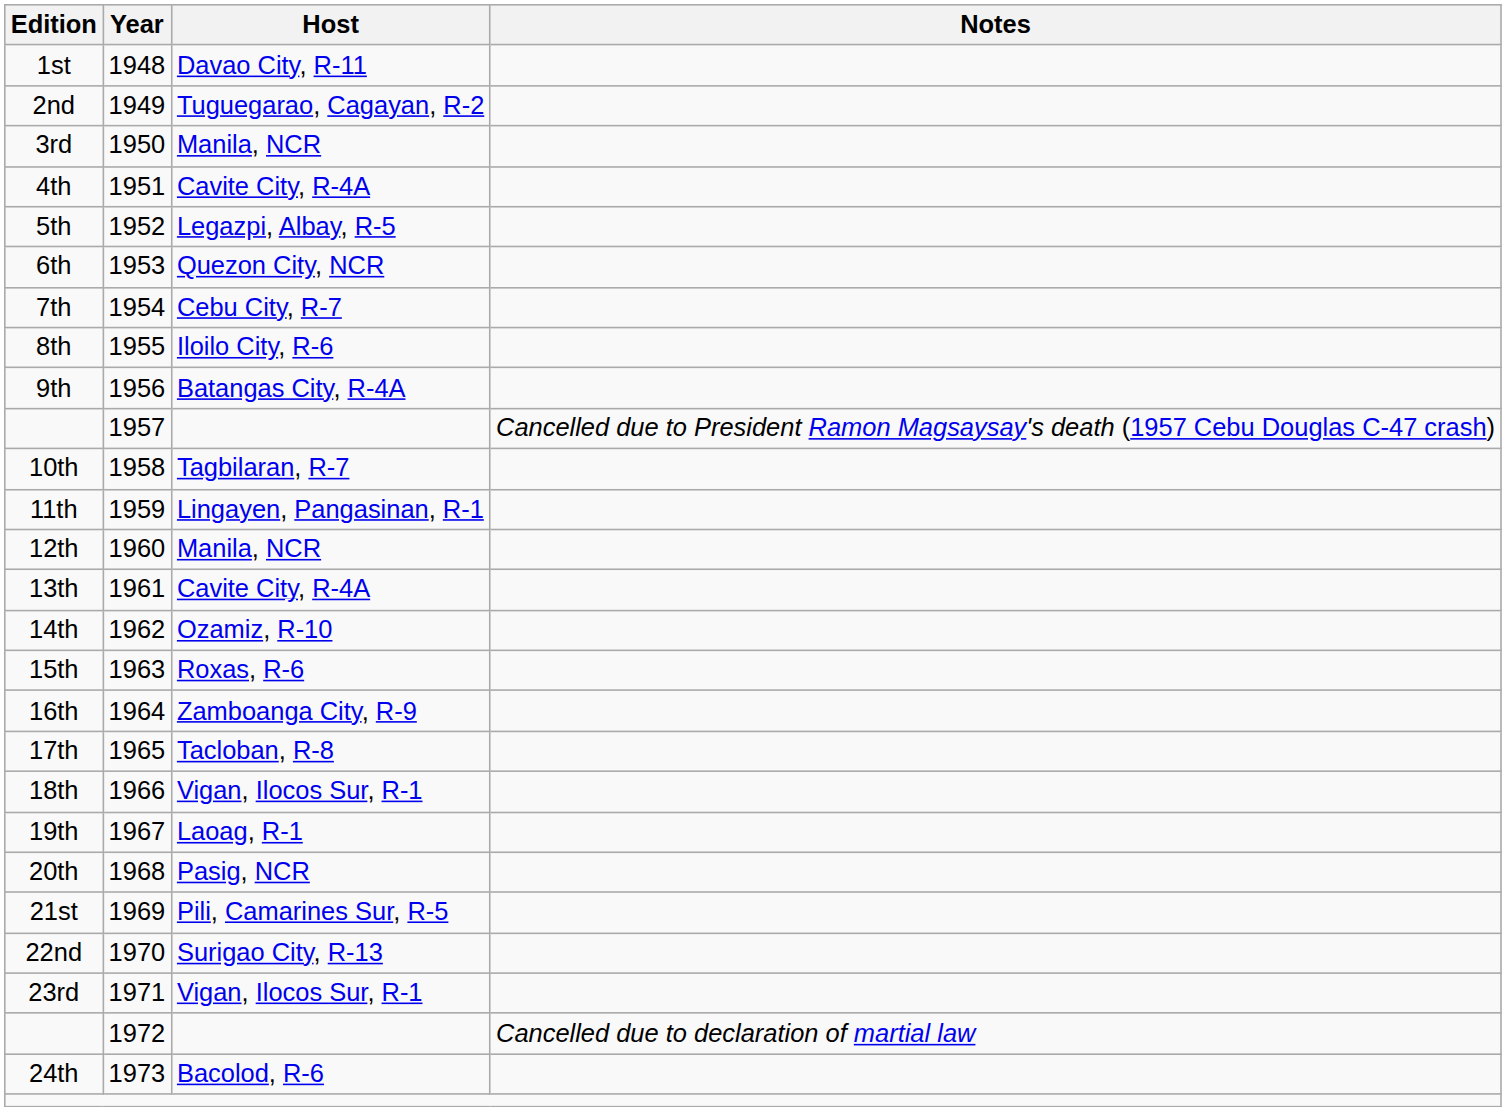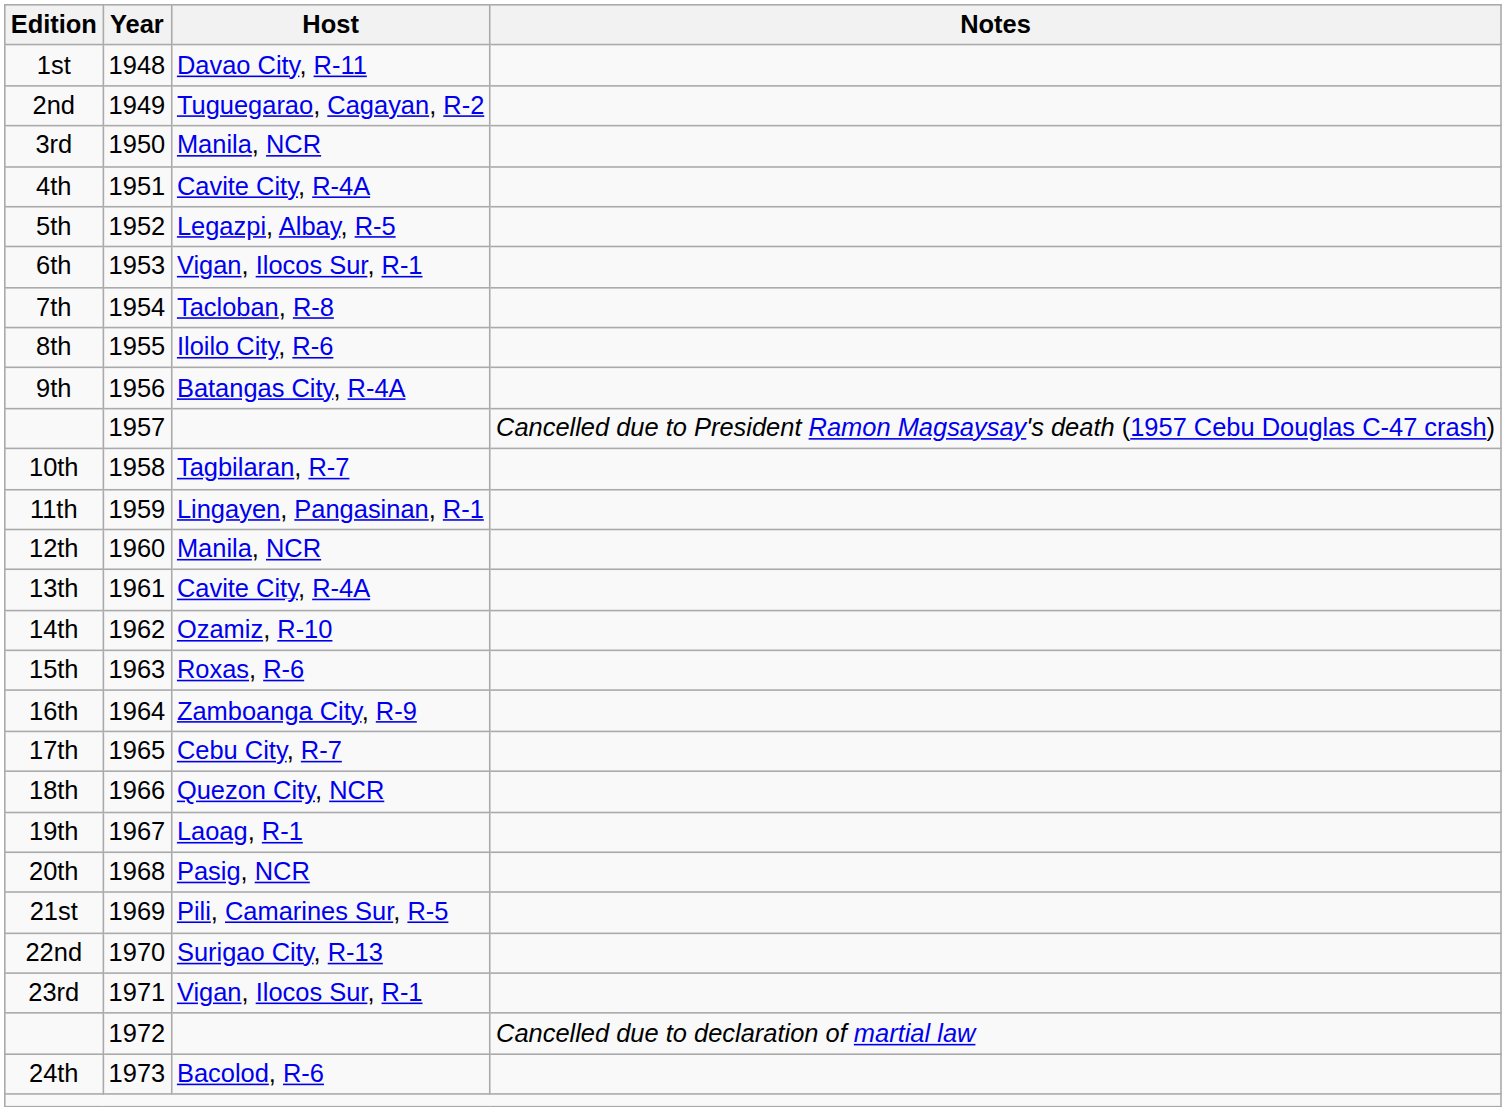 <table class="wikitable" style="text-align:center;">
 <tr>
 <th>Edition</th>
 <th>Year</th>
 <th>Host</th>
 <th>Notes</th>
 </tr>
 <tr>
 <td>1st</td>
 <td>1948</td>
 <td align=left><a href='#'>Davao City</a>, <a href='#'>R-11</a></td>
 <td></td>
 </tr>
 <tr>
 <td>2nd</td>
 <td>1949</td>
 <td align=left><a href='#'>Tuguegarao</a>, <a href='#'>Cagayan</a>, <a href='#'>R-2</a></td>
 <td></td>
 </tr>
 <tr>
 <td>3rd</td>
 <td>1950</td>
 <td align=left><a href='#'>Manila</a>, <a href='#'>NCR</a></td>
 <td></td>
 </tr>
 <tr>
 <td>4th</td>
 <td>1951</td>
 <td align=left><a href='#'>Cavite City</a>, <a href='#'>R-4A</a></td>
 <td></td>
 </tr>
 <tr>
 <td>5th</td>
 <td>1952</td>
 <td align=left><a href='#'>Legazpi</a>, <a href='#'>Albay</a>, <a href='#'>R-5</a></td>
 <td></td>
 </tr>
 <tr>
 <td>6th</td>
 <td>1953</td>
-<td align=left><a href='#'>Quezon City</a>, <a href='#'>NCR</a></td>
+<td align=left><a href='#'>Vigan</a>, <a href='#'>Ilocos Sur</a>, <a href='#'>R-1</a></td>
 <td></td>
 </tr>
 <tr>
 <td>7th</td>
 <td>1954</td>
-<td align=left><a href='#'>Cebu City</a>, <a href='#'>R-7</a></td>
+<td align=left><a href='#'>Tacloban</a>, <a href='#'>R-8</a></td>
 <td></td>
 </tr>
 <tr>
 <td>8th</td>
 <td>1955</td>
 <td align=left><a href='#'>Iloilo City</a>, <a href='#'>R-6</a></td>
 <td></td>
 </tr>
 <tr>
 <td>9th</td>
 <td>1956</td>
 <td align=left><a href='#'>Batangas City</a>, <a href='#'>R-4A</a></td>
 <td></td>
 </tr>
 <tr>
 <td></td>
 <td>1957</td>
 <td></td>
 <td align=left><em>Cancelled due to President <a href='#'>Ramon Magsaysay</a>'s death</em> (<a href='#'>1957 Cebu Douglas C-47 crash</a>)</td>
 </tr>
 <tr>
 <td>10th</td>
 <td>1958</td>
 <td align=left><a href='#'>Tagbilaran</a>, <a href='#'>R-7</a></td>
 <td></td>
 </tr>
 <tr>
 <td>11th</td>
 <td>1959</td>
 <td align=left><a href='#'>Lingayen</a>, <a href='#'>Pangasinan</a>, <a href='#'>R-1</a></td>
 <td></td>
 </tr>
 <tr>
 <td>12th</td>
 <td>1960</td>
 <td align=left><a href='#'>Manila</a>, <a href='#'>NCR</a></td>
 <td></td>
 </tr>
 <tr>
 <td>13th</td>
 <td>1961</td>
 <td align=left><a href='#'>Cavite City</a>,  <a href='#'>R-4A</a></td>
 <td></td>
 </tr>
 <tr>
 <td>14th</td>
 <td>1962</td>
 <td align=left><a href='#'>Ozamiz</a>, <a href='#'>R-10</a></td>
 <td></td>
 </tr>
 <tr>
 <td>15th</td>
 <td>1963</td>
 <td align=left><a href='#'>Roxas</a>, <a href='#'>R-6</a></td>
 <td></td>
 </tr>
 <tr>
 <td>16th</td>
 <td>1964</td>
 <td align=left><a href='#'>Zamboanga City</a>, <a href='#'>R-9</a></td>
 <td></td>
 </tr>
 <tr>
 <td>17th</td>
 <td>1965</td>
-<td align=left><a href='#'>Tacloban</a>, <a href='#'>R-8</a></td>
+<td align=left><a href='#'>Cebu City</a>, <a href='#'>R-7</a></td>
 <td></td>
 </tr>
 <tr>
 <td>18th</td>
 <td>1966</td>
-<td align=left><a href='#'>Vigan</a>, <a href='#'>Ilocos Sur</a>, <a href='#'>R-1</a></td>
+<td align=left><a href='#'>Quezon City</a>, <a href='#'>NCR</a></td>
 <td></td>
 </tr>
 <tr>
 <td>19th</td>
 <td>1967</td>
 <td align=left><a href='#'>Laoag</a>, <a href='#'>R-1</a></td>
 <td></td>
 </tr>
 <tr>
 <td>20th</td>
 <td>1968</td>
 <td align=left><a href='#'>Pasig</a>, <a href='#'>NCR</a></td>
 <td></td>
 </tr>
 <tr>
 <td>21st</td>
 <td>1969</td>
 <td align=left><a href='#'>Pili</a>, <a href='#'>Camarines Sur</a>, <a href='#'>R-5</a></td>
 <td></td>
 </tr>
 <tr>
 <td>22nd</td>
 <td>1970</td>
 <td align=left><a href='#'>Surigao City</a>, <a href='#'>R-13</a></td>
 <td></td>
 </tr>
 <tr>
 <td>23rd</td>
 <td>1971</td>
 <td align=left><a href='#'>Vigan</a>, <a href='#'>Ilocos Sur</a>, <a href='#'>R-1</a></td>
 <td></td>
 </tr>
 <tr>
 <td></td>
 <td>1972</td>
 <td></td>
 <td align=left><em>Cancelled due to declaration of <a href='#'>martial law</a></em></td>
 </tr>
 <tr>
 <td>24th</td>
 <td>1973</td>
 <td align=left><a href='#'>Bacolod</a>, <a href='#'>R-6</a></td>
 <td></td>
 </tr>
 <tr>
 <td colspan=4></td>
 </tr>
 </table>
